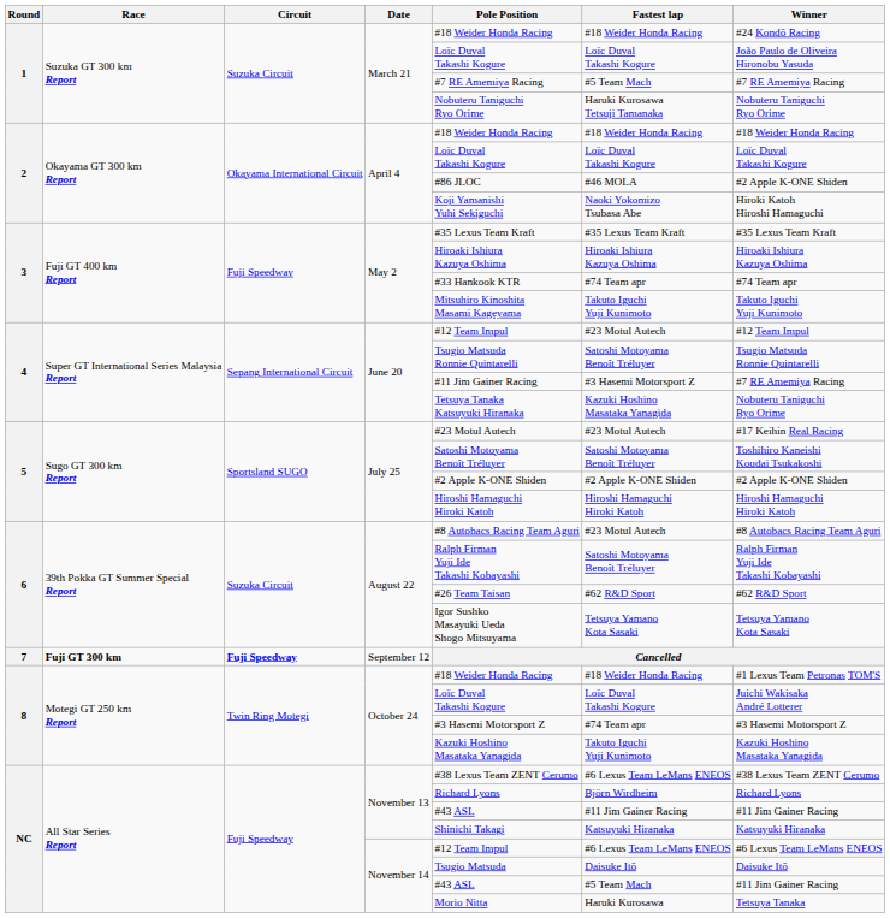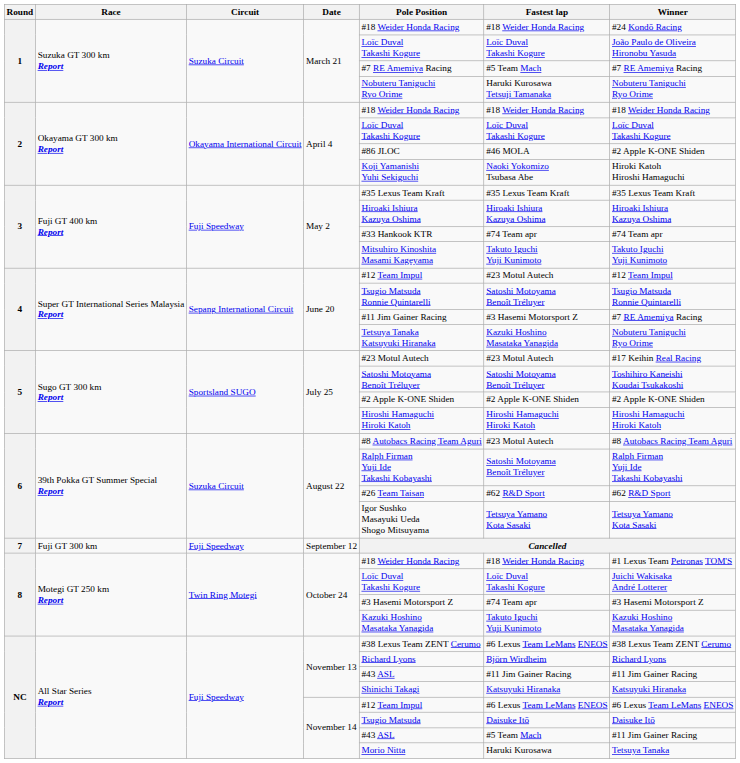 <table class="wikitable" style="font-size: 85%;">
 <tr>
 <th>Round</th>
 <th>Race</th>
 <th>Circuit</th>
 <th>Date</th>
 <th>Pole Position</th>
 <th>Fastest lap</th>
 <th>Winner</th>
 </tr>
 <tr>
 <th rowspan=4>1</th>
 <td rowspan=4>Suzuka GT 300 km<br><strong><em><a href='#'>Report</a></em></strong></td>
 <td rowspan=4> <a href='#'>Suzuka Circuit</a></td>
 <td rowspan=4>March 21</td>
 <td>#18 <a href='#'>Weider Honda Racing</a></td>
 <td>#18 <a href='#'>Weider Honda Racing</a></td>
 <td>#24 <a href='#'>Kondō Racing</a></td>
 </tr>
 <tr>
 <td> <a href='#'>Loïc Duval</a><br> <a href='#'>Takashi Kogure</a></td>
 <td> <a href='#'>Loïc Duval</a><br> <a href='#'>Takashi Kogure</a></td>
 <td> <a href='#'>João Paulo de Oliveira</a><br> <a href='#'>Hironobu Yasuda</a></td>
 </tr>
 <tr>
 <td>#7 <a href='#'>RE Amemiya</a> Racing</td>
 <td>#5 Team <a href='#'>Mach</a></td>
 <td>#7 <a href='#'>RE Amemiya</a> Racing</td>
 </tr>
 <tr>
 <td> <a href='#'>Nobuteru Taniguchi</a><br> <a href='#'>Ryo Orime</a></td>
 <td> Haruki Kurosawa<br> <a href='#'>Tetsuji Tamanaka</a></td>
 <td> <a href='#'>Nobuteru Taniguchi</a><br> <a href='#'>Ryo Orime</a></td>
 </tr>
 <tr>
 <th rowspan=4>2</th>
 <td rowspan=4>Okayama GT 300 km<br><strong><em><a href='#'>Report</a></em></strong></td>
 <td rowspan=4> <a href='#'>Okayama International Circuit</a></td>
 <td rowspan=4>April 4</td>
 <td>#18 <a href='#'>Weider Honda Racing</a></td>
 <td>#18 <a href='#'>Weider Honda Racing</a></td>
 <td>#18 <a href='#'>Weider Honda Racing</a></td>
 </tr>
 <tr>
 <td> <a href='#'>Loïc Duval</a><br> <a href='#'>Takashi Kogure</a></td>
 <td> <a href='#'>Loïc Duval</a><br> <a href='#'>Takashi Kogure</a></td>
 <td> <a href='#'>Loïc Duval</a><br> <a href='#'>Takashi Kogure</a></td>
 </tr>
 <tr>
 <td>#86 JLOC</td>
 <td>#46 MOLA</td>
 <td>#2 Apple K-ONE Shiden</td>
 </tr>
 <tr>
 <td> <a href='#'>Koji Yamanishi</a><br> <a href='#'>Yuhi Sekiguchi</a></td>
 <td> <a href='#'>Naoki Yokomizo</a><br> Tsubasa Abe</td>
 <td> Hiroki Katoh<br> Hiroshi Hamaguchi</td>
 </tr>
 <tr>
 <th rowspan=4>3</th>
 <td rowspan=4>Fuji GT 400 km<br><strong><em><a href='#'>Report</a></em></strong></td>
 <td rowspan=4> <a href='#'>Fuji Speedway</a></td>
 <td rowspan=4>May 2</td>
 <td>#35 Lexus Team Kraft</td>
 <td>#35 Lexus Team Kraft</td>
 <td>#35 Lexus Team Kraft</td>
 </tr>
 <tr>
 <td> <a href='#'>Hiroaki Ishiura</a><br> <a href='#'>Kazuya Oshima</a></td>
 <td> <a href='#'>Hiroaki Ishiura</a><br> <a href='#'>Kazuya Oshima</a></td>
 <td> <a href='#'>Hiroaki Ishiura</a><br> <a href='#'>Kazuya Oshima</a></td>
 </tr>
 <tr>
 <td>#33 Hankook KTR</td>
 <td>#74 Team apr</td>
 <td>#74 Team apr</td>
 </tr>
 <tr>
 <td> <a href='#'>Mitsuhiro Kinoshita</a><br> <a href='#'>Masami Kageyama</a></td>
 <td> <a href='#'>Takuto Iguchi</a><br> <a href='#'>Yuji Kunimoto</a></td>
 <td> <a href='#'>Takuto Iguchi</a><br> <a href='#'>Yuji Kunimoto</a></td>
 </tr>
 <tr>
 <th rowspan=4>4</th>
 <td rowspan=4>Super GT International Series Malaysia<br><strong><em><a href='#'>Report</a></em></strong></td>
 <td rowspan=4> <a href='#'>Sepang International Circuit</a></td>
 <td rowspan=4>June 20</td>
 <td>#12 <a href='#'>Team Impul</a></td>
 <td>#23 Motul Autech</td>
 <td>#12 <a href='#'>Team Impul</a></td>
 </tr>
 <tr>
 <td> <a href='#'>Tsugio Matsuda</a><br> <a href='#'>Ronnie Quintarelli</a></td>
 <td> <a href='#'>Satoshi Motoyama</a><br> <a href='#'>Benoît Tréluyer</a></td>
 <td> <a href='#'>Tsugio Matsuda</a><br> <a href='#'>Ronnie Quintarelli</a></td>
 </tr>
 <tr>
 <td>#11 Jim Gainer Racing</td>
 <td>#3 Hasemi Motorsport Z</td>
 <td>#7 <a href='#'>RE Amemiya</a> Racing</td>
 </tr>
 <tr>
 <td> <a href='#'>Tetsuya Tanaka</a><br> <a href='#'>Katsuyuki Hiranaka</a></td>
 <td> <a href='#'>Kazuki Hoshino</a><br> <a href='#'>Masataka Yanagida</a></td>
 <td> <a href='#'>Nobuteru Taniguchi</a><br> <a href='#'>Ryo Orime</a></td>
 </tr>
 <tr>
 <th rowspan=4>5</th>
 <td rowspan=4>Sugo GT 300 km<br><strong><em><a href='#'>Report</a></em></strong></td>
 <td rowspan=4> <a href='#'>Sportsland SUGO</a></td>
 <td rowspan=4>July 25</td>
 <td>#23 Motul Autech</td>
 <td>#23 Motul Autech</td>
 <td>#17 Keihin <a href='#'>Real Racing</a></td>
 </tr>
 <tr>
 <td> <a href='#'>Satoshi Motoyama</a><br> <a href='#'>Benoît Tréluyer</a></td>
 <td> <a href='#'>Satoshi Motoyama</a><br> <a href='#'>Benoît Tréluyer</a></td>
 <td> <a href='#'>Toshihiro Kaneishi</a><br> <a href='#'>Koudai Tsukakoshi</a></td>
 </tr>
 <tr>
 <td>#2 Apple K-ONE Shiden</td>
 <td>#2 Apple K-ONE Shiden</td>
 <td>#2 Apple K-ONE Shiden</td>
 </tr>
 <tr>
 <td> <a href='#'>Hiroshi Hamaguchi</a><br> <a href='#'>Hiroki Katoh</a></td>
 <td> <a href='#'>Hiroshi Hamaguchi</a><br> <a href='#'>Hiroki Katoh</a></td>
 <td> <a href='#'>Hiroshi Hamaguchi</a><br> <a href='#'>Hiroki Katoh</a></td>
 </tr>
 <tr>
 <th rowspan=4>6</th>
 <td rowspan=4>39th Pokka GT Summer Special<br><strong><em><a href='#'>Report</a></em></strong></td>
 <td rowspan=4> <a href='#'>Suzuka Circuit</a></td>
 <td rowspan=4>August 22</td>
 <td>#8 <a href='#'>Autobacs Racing Team Aguri</a></td>
 <td>#23 Motul Autech</td>
 <td>#8 <a href='#'>Autobacs Racing Team Aguri</a></td>
 </tr>
 <tr>
 <td> <a href='#'>Ralph Firman</a><br> <a href='#'>Yuji Ide</a><br> <a href='#'>Takashi Kobayashi</a></td>
 <td> <a href='#'>Satoshi Motoyama</a><br> <a href='#'>Benoît Tréluyer</a></td>
 <td> <a href='#'>Ralph Firman</a><br> <a href='#'>Yuji Ide</a><br> <a href='#'>Takashi Kobayashi</a></td>
 </tr>
 <tr>
 <td>#26 <a href='#'>Team Taisan</a></td>
 <td>#62 <a href='#'>R&D Sport</a></td>
 <td>#62 <a href='#'>R&D Sport</a></td>
 </tr>
 <tr>
 <td> Igor Sushko<br> Masayuki Ueda<br> Shogo Mitsuyama</td>
 <td> <a href='#'>Tetsuya Yamano</a><br> <a href='#'>Kota Sasaki</a></td>
 <td> <a href='#'>Tetsuya Yamano</a><br> <a href='#'>Kota Sasaki</a></td>
 </tr>
 <tr>
 <th>7</th>
-<td><strong>Fuji GT 300 km</strong></td>
-<td><strong> <a href='#'>Fuji Speedway</a></strong></td>
+<td>Fuji GT 300 km</td>
+<td> <a href='#'>Fuji Speedway</a></td>
 <td>September 12</td>
 <th colspan="3"><em>Cancelled</em></th>
 </tr>
 <tr>
 <th rowspan=4>8</th>
 <td rowspan=4>Motegi GT 250 km<br><strong><em><a href='#'>Report</a></em></strong></td>
 <td rowspan=4> <a href='#'>Twin Ring Motegi</a></td>
 <td rowspan=4>October 24</td>
 <td>#18 <a href='#'>Weider Honda Racing</a></td>
 <td>#18 <a href='#'>Weider Honda Racing</a></td>
 <td>#1 Lexus Team <a href='#'>Petronas</a> <a href='#'>TOM'S</a></td>
 </tr>
 <tr>
 <td> <a href='#'>Loïc Duval</a><br> <a href='#'>Takashi Kogure</a></td>
 <td> <a href='#'>Loïc Duval</a><br> <a href='#'>Takashi Kogure</a></td>
 <td> <a href='#'>Juichi Wakisaka</a><br> <a href='#'>André Lotterer</a></td>
 </tr>
 <tr>
 <td>#3 Hasemi Motorsport Z</td>
 <td>#74 Team apr</td>
 <td>#3 Hasemi Motorsport Z</td>
 </tr>
 <tr>
 <td> <a href='#'>Kazuki Hoshino</a><br> <a href='#'>Masataka Yanagida</a></td>
 <td> <a href='#'>Takuto Iguchi</a><br> <a href='#'>Yuji Kunimoto</a></td>
 <td> <a href='#'>Kazuki Hoshino</a><br> <a href='#'>Masataka Yanagida</a></td>
 </tr>
 <tr>
 <th rowspan=8>NC</th>
 <td rowspan=8>All Star Series<br><strong><em><a href='#'>Report</a></em></strong></td>
 <td rowspan=8> <a href='#'>Fuji Speedway</a></td>
 <td rowspan=4>November 13</td>
 <td>#38 Lexus Team ZENT <a href='#'>Cerumo</a></td>
 <td>#6 Lexus <a href='#'>Team LeMans</a> <a href='#'>ENEOS</a></td>
 <td>#38 Lexus Team ZENT <a href='#'>Cerumo</a></td>
 </tr>
 <tr>
 <td> <a href='#'>Richard Lyons</a></td>
 <td> <a href='#'>Björn Wirdheim</a></td>
 <td> <a href='#'>Richard Lyons</a></td>
 </tr>
 <tr>
 <td>#43 <a href='#'>ASL</a></td>
 <td>#11 Jim Gainer Racing</td>
 <td>#11 Jim Gainer Racing</td>
 </tr>
 <tr>
 <td> <a href='#'>Shinichi Takagi</a></td>
 <td> <a href='#'>Katsuyuki Hiranaka</a></td>
 <td> <a href='#'>Katsuyuki Hiranaka</a></td>
 </tr>
 <tr>
 <td rowspan=4>November 14</td>
 <td>#12 <a href='#'>Team Impul</a></td>
 <td>#6 Lexus <a href='#'>Team LeMans</a> <a href='#'>ENEOS</a></td>
 <td>#6 Lexus <a href='#'>Team LeMans</a> <a href='#'>ENEOS</a></td>
 </tr>
 <tr>
 <td> <a href='#'>Tsugio Matsuda</a></td>
 <td> <a href='#'>Daisuke Itō</a></td>
 <td> <a href='#'>Daisuke Itō</a></td>
 </tr>
 <tr>
 <td>#43 <a href='#'>ASL</a></td>
 <td>#5 Team <a href='#'>Mach</a></td>
 <td>#11 Jim Gainer Racing</td>
 </tr>
 <tr>
 <td> <a href='#'>Morio Nitta</a></td>
 <td> Haruki Kurosawa</td>
 <td> <a href='#'>Tetsuya Tanaka</a></td>
 </tr>
 </table>
